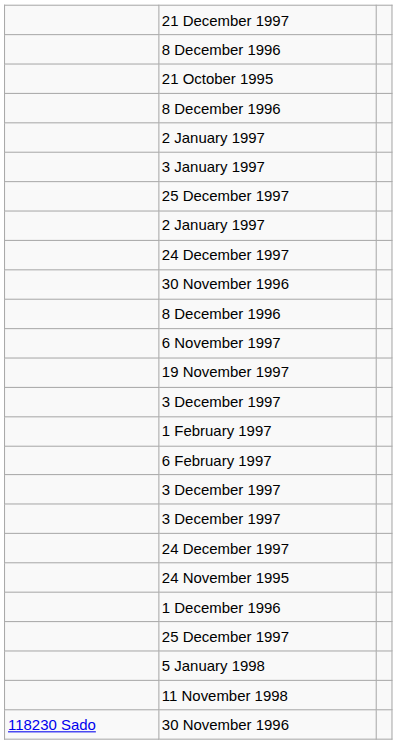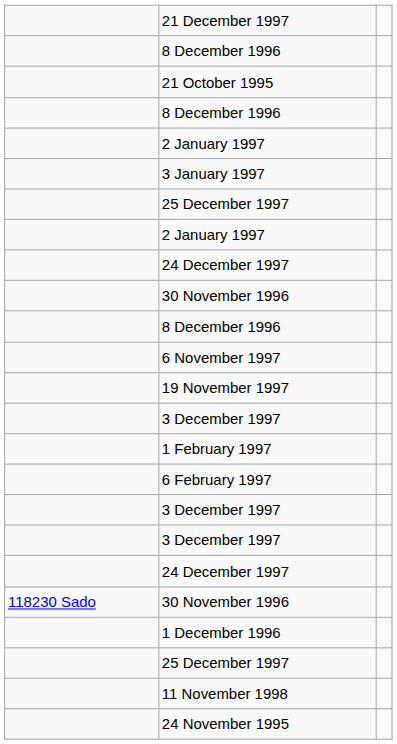 <table class="wikitable" style="font-size: 89%; float: left; width: 26em; margin-right: 1em; height: 700px;">
 <tr>
 <td></td>
 <td>21 December 1997</td>
 <td></td>
 </tr>
 <tr>
 <td></td>
 <td>8 December 1996</td>
 <td></td>
 </tr>
 <tr>
 <td></td>
 <td>21 October 1995</td>
 <td> </td>
 </tr>
 <tr>
 <td></td>
 <td>8 December 1996</td>
 <td></td>
 </tr>
 <tr>
 <td></td>
 <td>2 January 1997</td>
 <td></td>
 </tr>
 <tr>
 <td></td>
 <td>3 January 1997</td>
 <td></td>
 </tr>
 <tr>
 <td></td>
 <td>25 December 1997</td>
 <td></td>
 </tr>
 <tr>
 <td></td>
 <td>2 January 1997</td>
 <td></td>
 </tr>
 <tr>
 <td></td>
 <td>24 December 1997</td>
 <td></td>
 </tr>
 <tr>
 <td></td>
 <td>30 November 1996</td>
 <td></td>
 </tr>
 <tr>
 <td></td>
 <td>8 December 1996</td>
 <td></td>
 </tr>
 <tr>
 <td></td>
 <td>6 November 1997</td>
 <td></td>
 </tr>
 <tr>
 <td></td>
 <td>19 November 1997</td>
 <td></td>
 </tr>
 <tr>
 <td></td>
 <td>3 December 1997</td>
 <td></td>
 </tr>
 <tr>
 <td></td>
 <td>1 February 1997</td>
 <td></td>
 </tr>
 <tr>
 <td></td>
 <td>6 February 1997</td>
 <td></td>
 </tr>
 <tr>
 <td></td>
 <td>3 December 1997</td>
 <td></td>
 </tr>
 <tr>
 <td></td>
 <td>3 December 1997</td>
 <td></td>
 </tr>
 <tr>
 <td></td>
 <td>24 December 1997</td>
 <td></td>
 </tr>
 <tr>
+<td><a href='#'>118230 Sado</a></td>
+<td>30 November 1996</td>
 <td></td>
-<td>24 November 1995</td>
-<td> </td>
 </tr>
 <tr>
 <td></td>
 <td>1 December 1996</td>
 <td></td>
 </tr>
 <tr>
 <td></td>
 <td>25 December 1997</td>
 <td></td>
 </tr>
 <tr>
 <td></td>
-<td>5 January 1998</td>
+<td>11 November 1998</td>
 <td></td>
 </tr>
 <tr>
 <td></td>
-<td>11 November 1998</td>
-<td></td>
-</tr>
-<tr>
-<td><a href='#'>118230 Sado</a></td>
-<td>30 November 1996</td>
-<td></td>
+<td>24 November 1995</td>
+<td> </td>
 </tr>
 </table>
